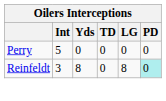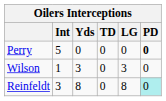 <table class="wikitable">
 <tr>
 <th colspan="6">Oilers Interceptions</th>
 </tr>
 <tr>
 <th></th>
 <th>Int</th>
 <th>Yds</th>
 <th>TD</th>
 <th>LG</th>
 <th>PD</th>
 </tr>
 <tr>
 <td><a href='#'>Perry</a></td>
 <td>5</td>
 <td>0</td>
 <td>0</td>
 <td>0</td>
+<td><strong>0</strong></td>
+</tr>
+<tr>
+<td><a href='#'>Wilson</a></td>
+<td>1</td>
+<td>3</td>
+<td>0</td>
+<td>3</td>
 <td>0</td>
 </tr>
 <tr>
 <td><a href='#'>Reinfeldt</a></td>
 <td>3</td>
 <td>8</td>
 <td>0</td>
 <td>8</td>
 <td style="background: paleturquoise;">0</td>
 </tr>
 </table>
